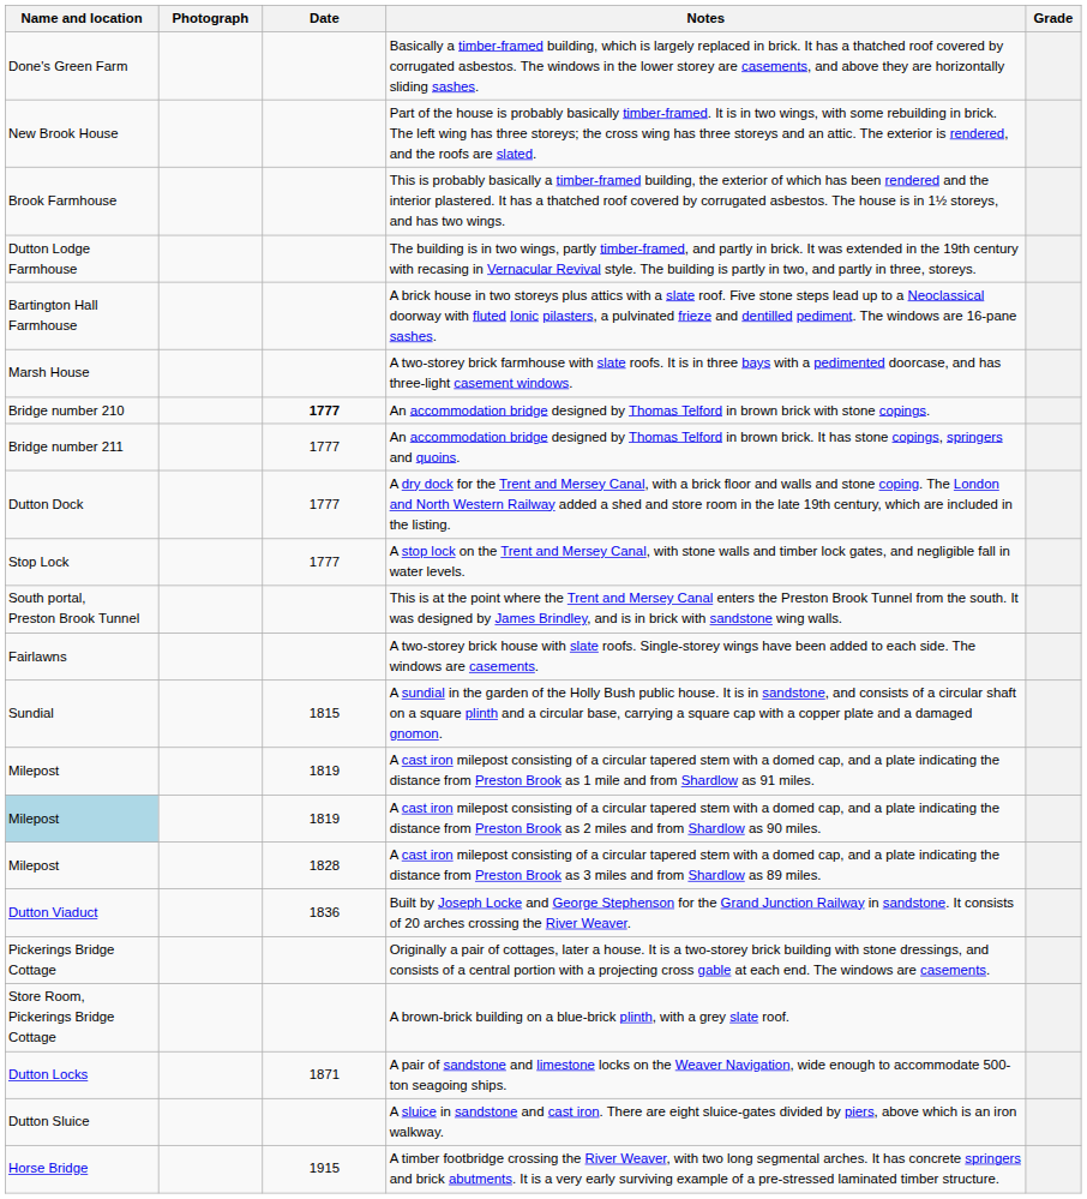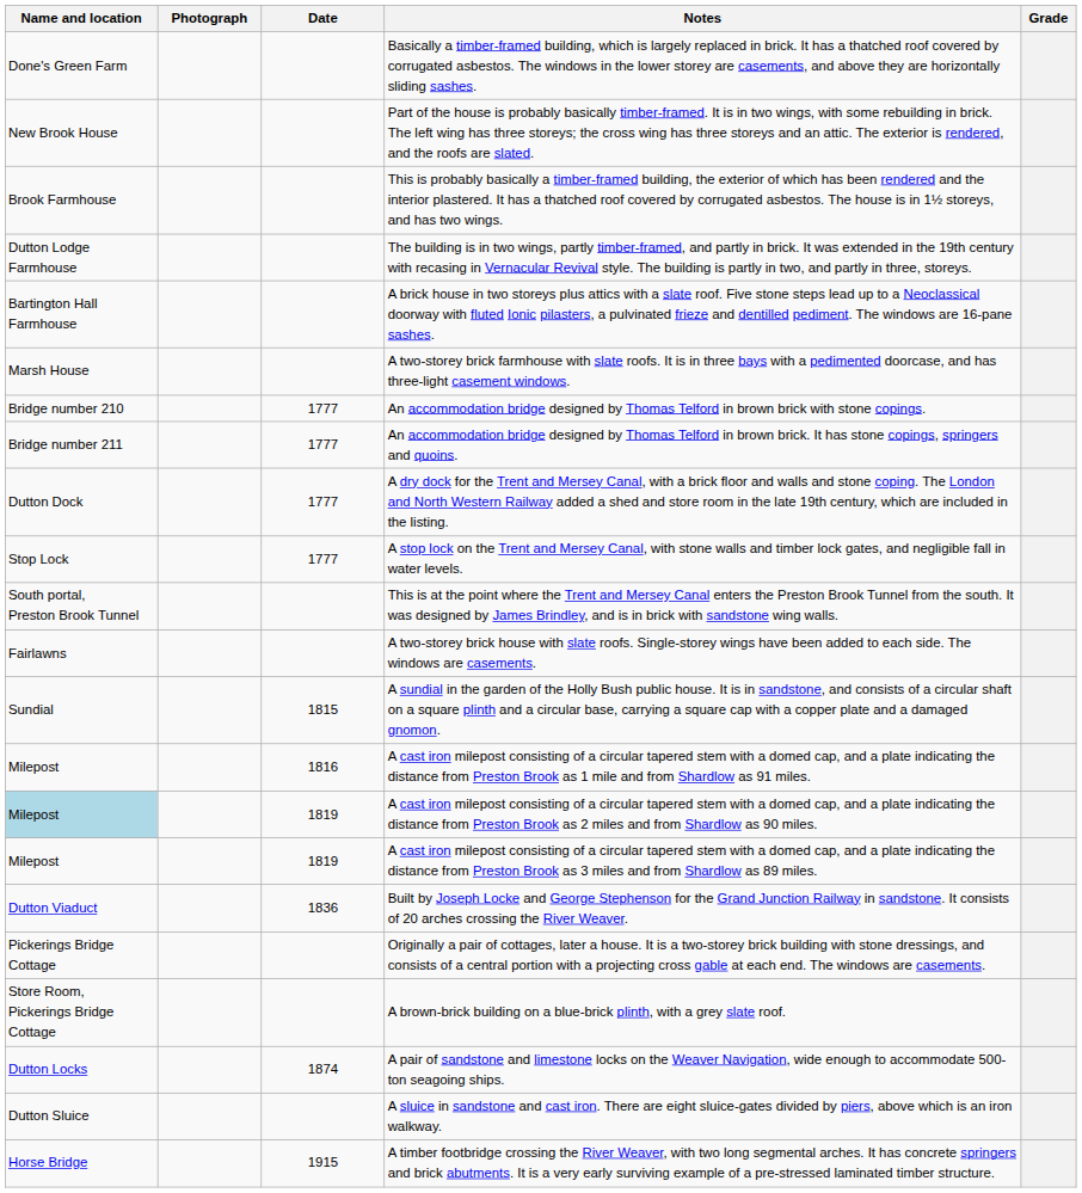 <table class="wikitable sortable plainrowheaders" style="width:100%;border:0px;text-align:left;line-height:150%;">
 <tr>
 <th scope="col"  style="width:150px">Name and location</th>
 <th scope="col"  style="width:100px" class="unsortable">Photograph</th>
 <th scope="col"  style="width:120px">Date</th>
 <th scope="col"  style="width:650px" class="unsortable">Notes</th>
 <th scope="col"  style="width:50px">Grade</th>
 </tr>
 <tr>
 <td>Done's Green Farm<br><small></small></td>
 <td></td>
 <td align="center"></td>
 <td>Basically a <a href='#'>timber-framed</a> building, which is largely replaced in brick.  It has a thatched roof covered by corrugated asbestos.  The windows in the lower storey are <a href='#'>casements</a>, and above they are horizontally sliding <a href='#'>sashes</a>.</td>
 <th></th>
 </tr>
 <tr>
 <td>New Brook House<br><small></small></td>
 <td></td>
 <td align="center"></td>
 <td>Part of the house is probably basically <a href='#'>timber-framed</a>.  It is in two wings, with some rebuilding in brick.  The left wing has three storeys; the cross wing has three storeys and an attic.  The exterior is <a href='#'>rendered</a>, and the roofs are <a href='#'>slated</a>.</td>
 <th></th>
 </tr>
 <tr>
 <td>Brook Farmhouse<br><small></small></td>
 <td></td>
 <td align="center"></td>
 <td>This is probably basically a <a href='#'>timber-framed</a> building, the exterior of which has been <a href='#'>rendered</a> and the interior plastered.  It has a thatched roof covered by corrugated asbestos.  The house is in 1½ storeys, and has two wings.</td>
 <th></th>
 </tr>
 <tr>
 <td>Dutton Lodge Farmhouse<br><small></small></td>
 <td></td>
 <td align="center"></td>
 <td>The building is in two wings, partly <a href='#'>timber-framed</a>, and partly in brick.  It was extended in the 19th century with recasing in <a href='#'>Vernacular Revival</a> style.  The building is partly in two, and partly in three, storeys.</td>
 <th></th>
 </tr>
 <tr>
 <td>Bartington Hall Farmhouse<br><small></small></td>
 <td></td>
 <td align="center"></td>
 <td>A brick house in two storeys plus attics with a <a href='#'>slate</a> roof.  Five stone steps lead up to a <a href='#'>Neoclassical</a> doorway with <a href='#'>fluted</a> <a href='#'>Ionic</a> <a href='#'>pilasters</a>, a pulvinated <a href='#'>frieze</a> and <a href='#'>dentilled</a> <a href='#'>pediment</a>.  The windows are 16-pane <a href='#'>sashes</a>.</td>
 <th></th>
 </tr>
 <tr>
 <td>Marsh House<br><small></small></td>
 <td></td>
 <td align="center"></td>
 <td>A two-storey brick farmhouse with <a href='#'>slate</a> roofs.  It is in three <a href='#'>bays</a> with a <a href='#'>pedimented</a> doorcase, and has three-light <a href='#'>casement windows</a>.</td>
 <th></th>
 </tr>
 <tr>
 <td>Bridge number 210<br><small></small></td>
 <td></td>
-<td align="center"><strong>1777</strong></td>
+<td align="center">1777</td>
 <td>An <a href='#'>accommodation bridge</a> designed by <a href='#'>Thomas Telford</a> in brown brick with stone <a href='#'>copings</a>.</td>
 <th></th>
 </tr>
 <tr>
 <td>Bridge number 211<br><small></small></td>
 <td></td>
 <td align="center">1777</td>
 <td>An <a href='#'>accommodation bridge</a> designed by <a href='#'>Thomas Telford</a> in brown brick.  It has stone <a href='#'>copings</a>, <a href='#'>springers</a> and <a href='#'>quoins</a>.</td>
 <th></th>
 </tr>
 <tr>
 <td>Dutton Dock<br><small></small></td>
 <td></td>
 <td align="center">1777</td>
 <td>A <a href='#'>dry dock</a> for the <a href='#'>Trent and Mersey Canal</a>, with a brick floor and walls and stone <a href='#'>coping</a>.  The <a href='#'>London and North Western Railway</a> added a shed and store room in the late 19th century, which are included in the listing.</td>
 <th></th>
 </tr>
 <tr>
 <td>Stop Lock<br><small></small></td>
 <td></td>
 <td align="center">1777</td>
 <td>A <a href='#'>stop lock</a> on the <a href='#'>Trent and Mersey Canal</a>, with stone walls and timber lock gates, and negligible fall in water levels.</td>
 <th></th>
 </tr>
 <tr>
 <td>South portal,<br>Preston Brook Tunnel<br><small></small></td>
 <td></td>
 <td align="center"></td>
 <td>This is at the point where the <a href='#'>Trent and Mersey Canal</a> enters the Preston Brook Tunnel from the south.  It was designed by <a href='#'>James Brindley</a>, and is in brick with <a href='#'>sandstone</a> wing walls.</td>
 <th></th>
 </tr>
 <tr>
 <td>Fairlawns<br><small></small></td>
 <td></td>
 <td align="center"></td>
 <td>A two-storey brick house with <a href='#'>slate</a> roofs.  Single-storey wings have been added to each side.  The windows are <a href='#'>casements</a>.</td>
 <th></th>
 </tr>
 <tr>
 <td>Sundial<br><small></small></td>
 <td></td>
 <td align="center">1815</td>
 <td>A <a href='#'>sundial</a> in the garden of the Holly Bush public house.  It is in <a href='#'>sandstone</a>, and consists of a circular shaft on a square <a href='#'>plinth</a> and a circular base, carrying a square cap with a copper plate and a damaged <a href='#'>gnomon</a>.</td>
 <th></th>
 </tr>
 <tr>
 <td>Milepost<br><small></small></td>
 <td></td>
-<td align="center">1819</td>
+<td align="center">1816</td>
 <td>A <a href='#'>cast iron</a> milepost consisting of a circular tapered stem with a domed cap, and a plate indicating the distance from <a href='#'>Preston Brook</a> as 1 mile and from <a href='#'>Shardlow</a> as 91 miles.</td>
 <th></th>
 </tr>
 <tr>
 <td style="background: lightblue;">Milepost<br><small></small></td>
 <td></td>
 <td align="center">1819</td>
 <td>A <a href='#'>cast iron</a> milepost consisting of a circular tapered stem with a domed cap, and a plate indicating the distance from <a href='#'>Preston Brook</a> as 2 miles and from <a href='#'>Shardlow</a> as 90 miles.</td>
 <th></th>
 </tr>
 <tr>
 <td>Milepost<br><small></small></td>
 <td></td>
-<td align="center">1828</td>
+<td align="center">1819</td>
 <td>A <a href='#'>cast iron</a> milepost consisting of a circular tapered stem with a domed cap, and a plate indicating the distance from <a href='#'>Preston Brook</a> as 3 miles and from <a href='#'>Shardlow</a> as 89 miles.</td>
 <th></th>
 </tr>
 <tr>
 <td><a href='#'>Dutton Viaduct</a><br><small></small></td>
 <td></td>
 <td align="center">1836</td>
 <td>Built by <a href='#'>Joseph Locke</a> and <a href='#'>George Stephenson</a> for the <a href='#'>Grand Junction Railway</a> in <a href='#'>sandstone</a>.  It consists of 20 arches crossing the <a href='#'>River Weaver</a>.</td>
 <th></th>
 </tr>
 <tr>
 <td>Pickerings Bridge Cottage<br><small></small></td>
 <td></td>
 <td align="center"></td>
 <td>Originally a pair of cottages, later a house.  It is a two-storey brick building with stone dressings, and consists of a central portion with a projecting cross <a href='#'>gable</a> at each end.  The windows are <a href='#'>casements</a>.</td>
 <th></th>
 </tr>
 <tr>
 <td>Store Room,<br>Pickerings Bridge Cottage<br><small></small></td>
 <td></td>
 <td align="center"></td>
 <td>A brown-brick building on a blue-brick <a href='#'>plinth</a>, with a grey <a href='#'>slate</a> roof.</td>
 <th></th>
 </tr>
 <tr>
 <td><a href='#'>Dutton Locks</a><br><small></small></td>
 <td></td>
-<td align="center">1871</td>
+<td align="center">1874</td>
 <td>A pair of <a href='#'>sandstone</a> and <a href='#'>limestone</a> locks on the <a href='#'>Weaver Navigation</a>, wide enough to accommodate 500-ton seagoing ships.</td>
 <th></th>
 </tr>
 <tr>
 <td>Dutton Sluice<br><small></small></td>
 <td></td>
 <td align="center"></td>
 <td>A <a href='#'>sluice</a> in <a href='#'>sandstone</a> and <a href='#'>cast iron</a>.  There are eight sluice-gates divided by <a href='#'>piers</a>, above which is an iron walkway.</td>
 <th></th>
 </tr>
 <tr>
 <td><a href='#'>Horse Bridge</a><br><small></small></td>
 <td></td>
 <td align="center">1915</td>
 <td>A timber footbridge crossing the <a href='#'>River Weaver</a>, with two long segmental arches.  It has concrete <a href='#'>springers</a> and brick <a href='#'>abutments</a>. It is a very early surviving example of a pre-stressed laminated timber structure.</td>
 <th></th>
 </tr>
 <tr>
 </tr>
 </table>
